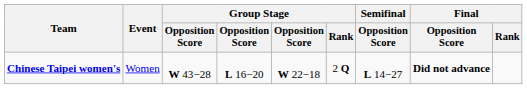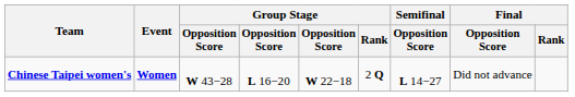 <table class=wikitable style=font-size:90%;text-align:center>
 <tr>
 <th rowspan=2>Team</th>
 <th rowspan=2>Event</th>
 <th colspan=4>Group Stage</th>
 <th>Semifinal</th>
 <th colspan=2>Final</th>
 </tr>
 <tr style="font-size:95%">
 <th>Opposition<br>Score</th>
 <th>Opposition<br>Score</th>
 <th>Opposition<br>Score</th>
 <th>Rank</th>
 <th>Opposition<br>Score</th>
 <th>Opposition<br>Score</th>
 <th>Rank</th>
 </tr>
 <tr>
 <td align=left><strong><a href='#'>Chinese Taipei women's</a></strong></td>
-<td align=left><a href='#'>Women</a></td>
+<td align=left><strong><a href='#'>Women</a></strong></td>
 <td><br><strong>W</strong> 43−28</td>
 <td><br><strong>L</strong> 16−20</td>
 <td><br><strong>W</strong> 22−18</td>
 <td>2 <strong>Q</strong></td>
 <td><br><strong>L</strong> 14−27</td>
-<td><strong>Did not advance</strong></td>
+<td>Did not advance</td>
 <td></td>
 </tr>
 </table>
